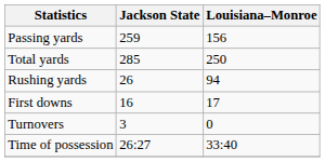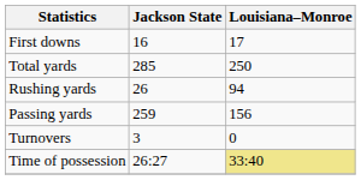 <table class="wikitable">
 <tr>
 <th>Statistics</th>
 <th>Jackson State</th>
 <th>Louisiana–Monroe</th>
 </tr>
 <tr>
-<td>Passing yards</td>
-<td>259</td>
-<td>156</td>
+<td>First downs</td>
+<td>16</td>
+<td>17</td>
 </tr>
 <tr>
 <td>Total yards</td>
 <td>285</td>
 <td>250</td>
 </tr>
 <tr>
 <td>Rushing yards</td>
 <td>26</td>
 <td>94</td>
 </tr>
 <tr>
-<td>First downs</td>
-<td>16</td>
-<td>17</td>
+<td>Passing yards</td>
+<td>259</td>
+<td>156</td>
 </tr>
 <tr>
 <td>Turnovers</td>
 <td>3</td>
 <td>0</td>
 </tr>
 <tr>
 <td>Time of possession</td>
 <td>26:27</td>
-<td>33:40</td>
+<td style="background: khaki;">33:40</td>
 </tr>
 <tr>
 </tr>
 </table>
